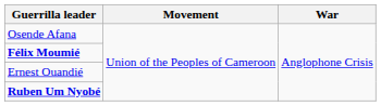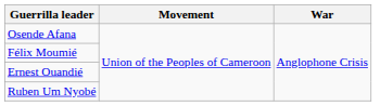 <table class="wikitable">
 <tr>
 <th>Guerrilla leader</th>
 <th>Movement</th>
 <th>War</th>
 </tr>
 <tr>
 <td><a href='#'>Osende Afana</a></td>
 <td rowspan="4"><a href='#'>Union of the Peoples of Cameroon</a></td>
 <td rowspan="4"><a href='#'>Anglophone Crisis</a></td>
 </tr>
 <tr>
-<td><strong><a href='#'>Félix Moumié</a></strong></td>
+<td><a href='#'>Félix Moumié</a></td>
 </tr>
 <tr>
 <td><a href='#'>Ernest Ouandié</a></td>
 </tr>
 <tr>
-<td><strong><a href='#'>Ruben Um Nyobé</a></strong></td>
+<td><a href='#'>Ruben Um Nyobé</a></td>
 </tr>
 </table>
